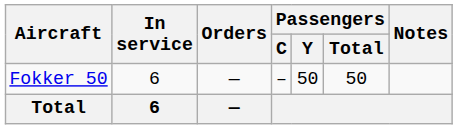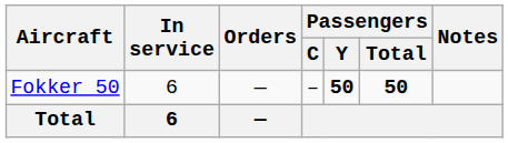 <table class="wikitable" style="margin:0.5em auto; text-align:center">
 <tr>
 <th rowspan=2>Aircraft</th>
 <th rowspan=2>In <br> service</th>
 <th rowspan=2>Orders</th>
 <th colspan=3>Passengers</th>
 <th rowspan=2>Notes</th>
 </tr>
 <tr>
 <th><abbr>C</abbr></th>
 <th><abbr>Y</abbr></th>
 <th>Total</th>
 </tr>
 <tr>
 <td><a href='#'>Fokker 50</a></td>
 <td>6</td>
 <td>—</td>
 <td>–</td>
-<td>50</td>
-<td>50</td>
+<td><strong>50</strong></td>
+<td><strong>50</strong></td>
 <td></td>
 </tr>
 <tr>
 <th>Total</th>
 <th>6</th>
 <th>—</th>
 <th colspan=5></th>
 </tr>
 </table>
